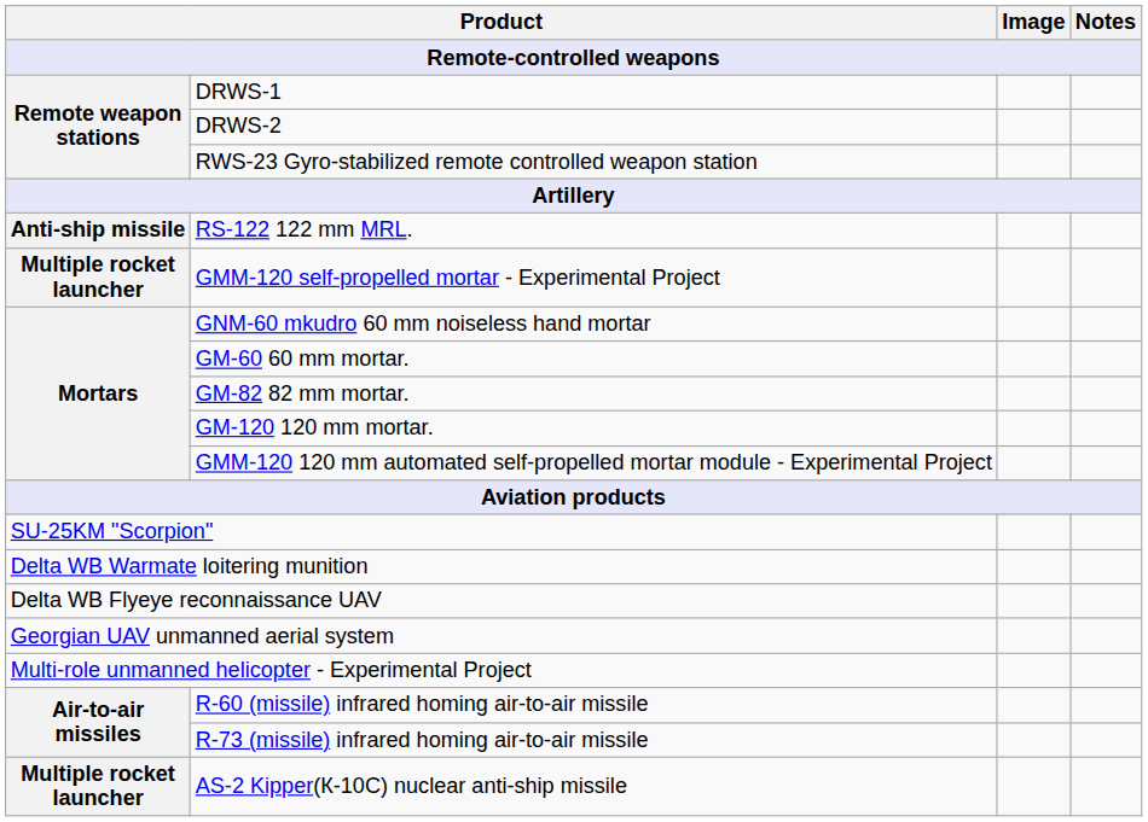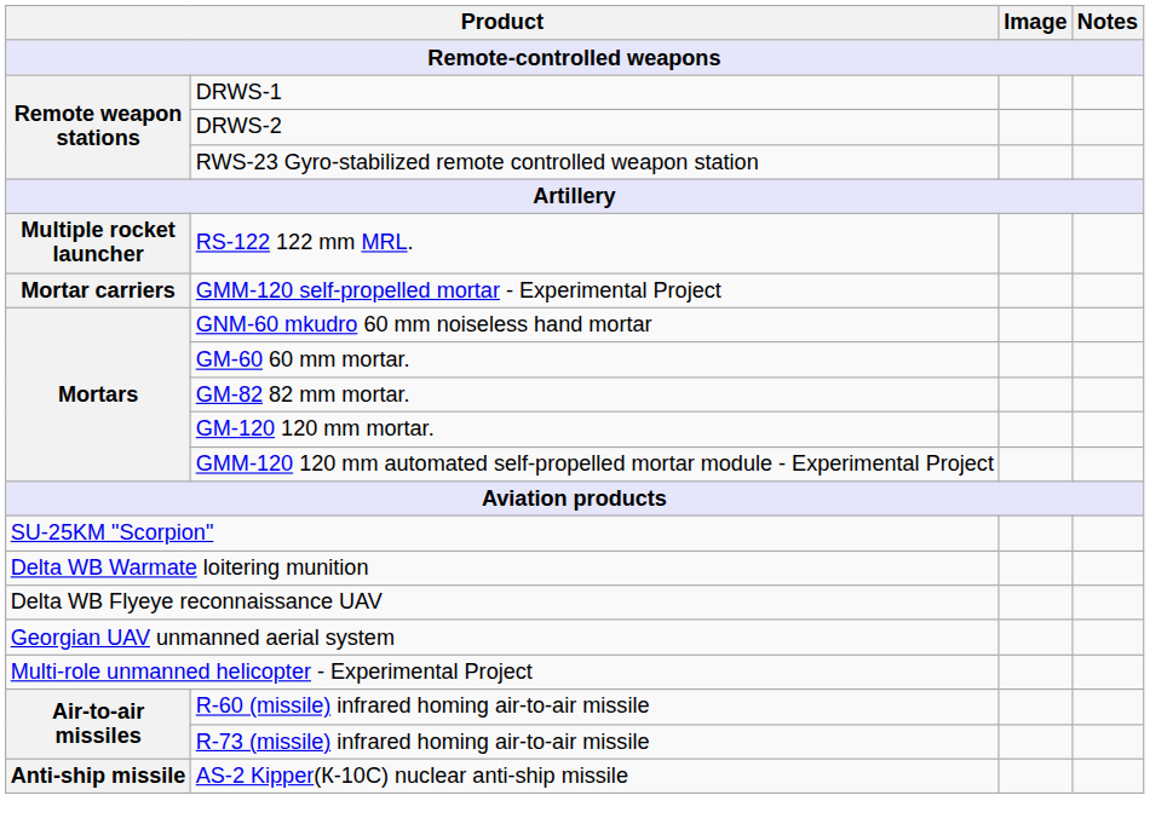 <table class="wikitable">
 <tr>
 <th style="text-align: center;" colspan="2">Product</th>
 <th style="text-align: center;">Image</th>
 <th style="text-align: center;">Notes</th>
 </tr>
 <tr>
 <th style="align: center; background: lavender;" colspan="5">Remote-controlled weapons</th>
 </tr>
 <tr>
 <th rowspan="3">Remote weapon<br>stations</th>
 <td>DRWS-1</td>
 <td></td>
 <td></td>
 </tr>
 <tr>
 <td>DRWS-2</td>
 <td></td>
 <td></td>
 </tr>
 <tr>
 <td>RWS-23 Gyro-stabilized remote controlled weapon station</td>
 <td></td>
 <td></td>
 </tr>
 <tr>
 <th style="align: center; background: lavender;" colspan="4">Artillery</th>
 </tr>
 <tr>
-<th>Anti-ship missile</th>
+<th>Multiple rocket<br>launcher</th>
 <td><a href='#'>RS-122</a> 122 mm <a href='#'>MRL</a>.</td>
 <td></td>
 <td></td>
 </tr>
 <tr>
-<th>Multiple rocket<br>launcher</th>
+<th>Mortar carriers</th>
 <td><a href='#'>GMM-120 self-propelled mortar</a> - Experimental Project</td>
 <td></td>
 <td></td>
 </tr>
 <tr>
 <th rowspan="5">Mortars</th>
 <td><a href='#'>GNM-60 mkudro</a> 60 mm noiseless hand mortar</td>
 <td></td>
 <td></td>
 </tr>
 <tr>
 <td><a href='#'>GM-60</a> 60 mm mortar.</td>
 <td></td>
 <td></td>
 </tr>
 <tr>
 <td><a href='#'>GM-82</a> 82 mm mortar.</td>
 <td></td>
 <td></td>
 </tr>
 <tr>
 <td><a href='#'>GM-120</a> 120 mm mortar.</td>
 <td></td>
 <td></td>
 </tr>
 <tr>
 <td><a href='#'>GMM-120</a> 120 mm automated self-propelled mortar module - Experimental Project</td>
 <td></td>
 <td></td>
 </tr>
 <tr>
 <th style="align: center; background: lavender;" colspan="4">Aviation products</th>
 </tr>
 <tr>
 <td colspan="2"><a href='#'>SU-25KM "Scorpion"</a></td>
 <td></td>
 <td></td>
 </tr>
 <tr>
 <td colspan="2"><a href='#'>Delta WB Warmate</a> loitering munition</td>
 <td></td>
 <td></td>
 </tr>
 <tr>
 <td colspan="2">Delta WB Flyeye reconnaissance UAV</td>
 <td></td>
 <td></td>
 </tr>
 <tr>
 <td colspan="2"><a href='#'>Georgian UAV</a> unmanned aerial system</td>
 <td></td>
 <td></td>
 </tr>
 <tr>
 <td colspan="2"><a href='#'>Multi-role unmanned helicopter</a> - Experimental Project</td>
 <td></td>
 <td></td>
 </tr>
 <tr>
 <th rowspan="2">Air-to-air<br>missiles</th>
 <td><a href='#'>R-60 (missile)</a>  infrared homing air-to-air missile</td>
 <td></td>
 <td></td>
 </tr>
 <tr>
 <td><a href='#'>R-73 (missile)</a>  infrared homing air-to-air missile</td>
 <td></td>
 <td></td>
 </tr>
 <tr>
-<th>Multiple rocket<br>launcher</th>
+<th>Anti-ship missile</th>
 <td><a href='#'>AS-2 Kipper</a>(К-10С) nuclear anti-ship missile</td>
 <td></td>
 <td></td>
 </tr>
 </table>
